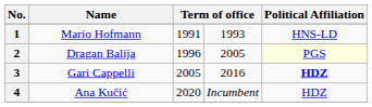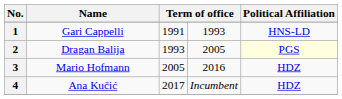 <table class="wikitable" style="text-align:center">
 <tr>
 <th>No.</th>
 <th width=180>Name</th>
 <th colspan=2>Term of office</th>
 <th>Political Affiliation</th>
 </tr>
 <tr>
 </tr>
 <tr>
 <th style="background:">1</th>
-<td><a href='#'>Mario Hofmann</a></td>
+<td><a href='#'>Gari Cappelli</a></td>
 <td>1991</td>
 <td>1993</td>
 <td><a href='#'>HNS-LD</a></td>
 </tr>
 <tr>
 <th style="background:">2</th>
 <td><a href='#'>Dragan Balija</a></td>
-<td>1996</td>
+<td>1993</td>
 <td>2005</td>
 <td style="background: lightyellow;"><a href='#'>PGS</a></td>
 </tr>
 <tr>
 <th style="background:">3</th>
-<td><a href='#'>Gari Cappelli</a></td>
+<td><a href='#'>Mario Hofmann</a></td>
 <td>2005</td>
 <td>2016</td>
-<td><strong><a href='#'>HDZ</a></strong></td>
+<td><a href='#'>HDZ</a></td>
 </tr>
 <tr>
 <th style="background:">4</th>
 <td><a href='#'>Ana Kučić</a></td>
-<td>2020</td>
+<td>2017</td>
 <td><em>Incumbent</em></td>
 <td><a href='#'>HDZ</a></td>
 </tr>
 <tr>
 </tr>
 </table>
